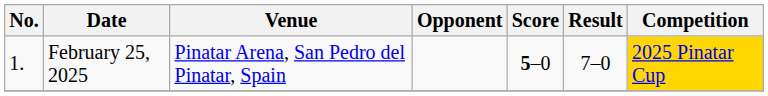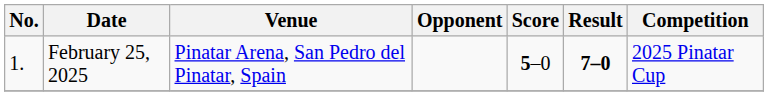 <table class="wikitable">
 <tr>
 <th>No.</th>
 <th>Date</th>
 <th>Venue</th>
 <th>Opponent</th>
 <th>Score</th>
 <th>Result</th>
 <th>Competition</th>
 </tr>
 <tr>
 <td>1.</td>
 <td>February 25, 2025</td>
 <td><a href='#'>Pinatar Arena</a>, <a href='#'>San Pedro del Pinatar</a>, <a href='#'>Spain</a></td>
 <td></td>
 <td align=center><strong>5</strong>–0</td>
-<td align=center>7–0</td>
-<td style="background: gold;"><a href='#'>2025 Pinatar Cup</a></td>
+<td align=center><strong>7–0</strong></td>
+<td><a href='#'>2025 Pinatar Cup</a></td>
 </tr>
 <tr>
 </tr>
 </table>
